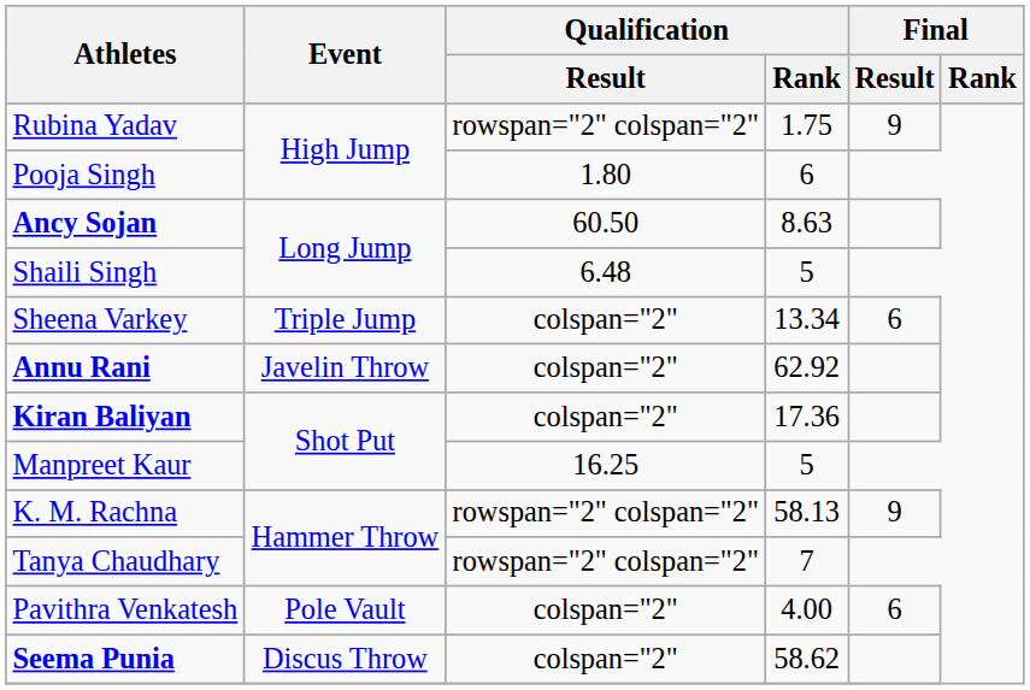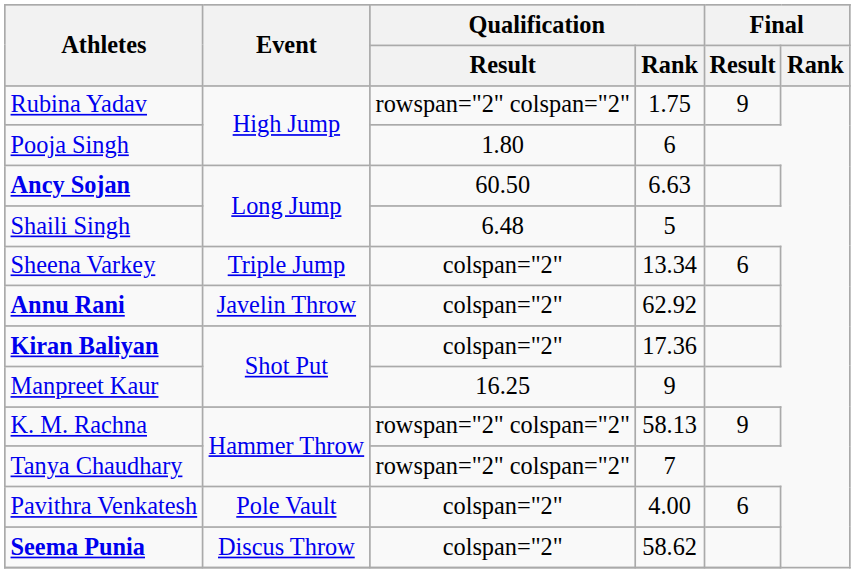 <table class=wikitable style="text-align:center; font-size:90%">
 <tr>
 <th rowspan=2>Athletes</th>
 <th rowspan=2>Event</th>
 <th colspan=2>Qualification</th>
 <th colspan=2>Final</th>
 </tr>
 <tr>
 <th>Result</th>
 <th>Rank</th>
 <th>Result</th>
 <th>Rank</th>
 </tr>
 <tr>
 <td style="text-align:left"><a href='#'>Rubina Yadav</a></td>
 <td rowspan="2"><a href='#'>High Jump</a></td>
 <td>rowspan="2" colspan="2"</td>
 <td>1.75</td>
 <td>9</td>
 </tr>
 <tr>
 <td style="text-align:left"><a href='#'>Pooja Singh</a></td>
 <td>1.80</td>
 <td>6</td>
 </tr>
 <tr>
 <td style="text-align:left"><strong><a href='#'>Ancy Sojan</a></strong></td>
 <td rowspan="2"><a href='#'>Long Jump</a></td>
 <td>60.50</td>
-<td>8.63 <strong></strong></td>
+<td>6.63 <strong></strong></td>
 <td><strong></strong></td>
 </tr>
 <tr>
 <td style="text-align:left"><a href='#'>Shaili Singh</a></td>
 <td>6.48</td>
 <td>5</td>
 </tr>
 <tr>
 <td style="text-align:left"><a href='#'>Sheena Varkey</a></td>
 <td><a href='#'>Triple Jump</a></td>
 <td>colspan="2"</td>
 <td>13.34</td>
 <td>6</td>
 </tr>
 <tr>
 <td style="text-align:left"><strong><a href='#'>Annu Rani</a></strong></td>
 <td><a href='#'>Javelin Throw</a></td>
 <td>colspan="2"</td>
 <td>62.92 <strong></strong></td>
 <td><strong></strong></td>
 </tr>
 <tr>
 <td style="text-align:left"><strong><a href='#'>Kiran Baliyan</a></strong></td>
 <td rowspan="2"><a href='#'>Shot Put</a></td>
 <td>colspan="2" </td>
 <td>17.36</td>
 <td><strong></strong></td>
 </tr>
 <tr>
 <td style="text-align:left"><a href='#'>Manpreet Kaur</a></td>
 <td>16.25</td>
-<td>5</td>
+<td>9</td>
 </tr>
 <tr>
 <td style="text-align:left"><a href='#'>K. M. Rachna</a></td>
 <td rowspan="2"><a href='#'>Hammer Throw</a></td>
 <td>rowspan="2" colspan="2"</td>
 <td>58.13</td>
 <td>9</td>
 </tr>
 <tr>
 <td style="text-align:left"><a href='#'>Tanya Chaudhary</a></td>
 <td>rowspan="2" colspan="2"</td>
 <td>7</td>
 </tr>
 <tr>
 <td style="text-align:left"><a href='#'>Pavithra Venkatesh</a></td>
 <td><a href='#'>Pole Vault</a></td>
 <td>colspan="2" </td>
 <td>4.00</td>
 <td>6</td>
 </tr>
 <tr>
 <td style="text-align:left"><strong><a href='#'>Seema Punia</a></strong></td>
 <td><a href='#'>Discus Throw</a></td>
 <td>colspan="2" </td>
 <td>58.62 <strong></strong></td>
 <td><strong></strong></td>
 </tr>
 <tr>
 </tr>
 </table>
